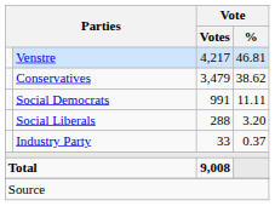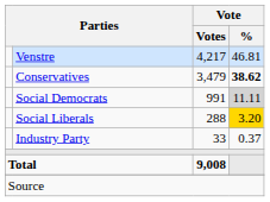 <table class="wikitable" style="text-align:right;">
 <tr>
 <th style="text-align:centre;" rowspan="2" colspan="2" width="225">Parties</th>
 <th colspan="3">Vote</th>
 </tr>
 <tr>
 <th width="15">Votes</th>
 <th width="15">%</th>
 </tr>
 <tr>
 <td width="2" style="color:inherit;background:"></td>
 <td bgcolor=#cfe5fe  align="left"><a href='#'>Venstre</a></td>
 <td bgcolor=#cfe5fe>4,217</td>
 <td bgcolor=#cfe5fe>46.81</td>
 </tr>
 <tr>
 <td width="2" style="color:inherit;background:"></td>
 <td align="left"><a href='#'>Conservatives</a></td>
 <td>3,479</td>
-<td>38.62</td>
+<td><strong>38.62</strong></td>
 </tr>
 <tr>
 <td width="2" style="color:inherit;background:"></td>
 <td align="left"><a href='#'>Social Democrats</a></td>
 <td>991</td>
-<td>11.11</td>
+<td style="background: lightgrey;">11.11</td>
 </tr>
 <tr>
 <td width="2" style="color:inherit;background:"></td>
 <td align="left"><a href='#'>Social Liberals</a></td>
 <td>288</td>
-<td>3.20</td>
+<td style="background: gold;">3.20</td>
 </tr>
 <tr>
 <td width="2" style="color:inherit;background:"></td>
 <td align="left"><a href='#'>Industry Party</a></td>
 <td>33</td>
 <td>0.37</td>
 </tr>
 <tr>
 <td colspan="7" bgcolor="#E9E9E9"></td>
 </tr>
 <tr>
 <td align="left" colspan="2"><strong>Total</strong></td>
 <td><strong>9,008</strong></td>
 <td bgcolor="#E9E9E9" colspan="2"></td>
 </tr>
 <tr>
 </tr>
 <tr>
 <td align="left" colspan="6">Source</td>
 </tr>
 </table>
